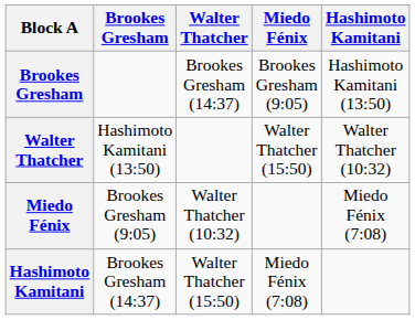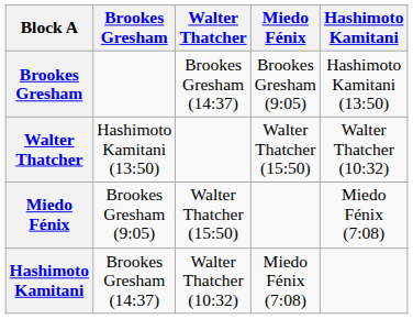 <table class="wikitable" style="text-align:center; margin: 1em auto 1em auto">
 <tr>
 <th>Block A</th>
 <th><a href='#'>Brookes</a><br><a href='#'>Gresham</a></th>
 <th><a href='#'>Walter</a><br><a href='#'>Thatcher</a></th>
 <th><a href='#'>Miedo</a><br><a href='#'>Fénix</a></th>
 <th><a href='#'>Hashimoto</a><br><a href='#'>Kamitani</a></th>
 </tr>
 <tr>
 <th><a href='#'>Brookes</a><br><a href='#'>Gresham</a></th>
 <td></td>
 <td>Brookes<br>Gresham<br>(14:37)</td>
 <td>Brookes<br>Gresham<br>(9:05)</td>
 <td>Hashimoto<br>Kamitani<br>(13:50)</td>
 </tr>
 <tr>
 <th><a href='#'>Walter</a><br><a href='#'>Thatcher</a></th>
 <td>Hashimoto<br>Kamitani<br>(13:50)</td>
 <td></td>
 <td>Walter<br>Thatcher<br>(15:50)</td>
 <td>Walter<br>Thatcher<br>(10:32)</td>
 </tr>
 <tr>
 <th><a href='#'>Miedo</a><br><a href='#'>Fénix</a></th>
 <td>Brookes<br>Gresham<br>(9:05)</td>
-<td>Walter<br>Thatcher<br>(10:32)</td>
+<td>Walter<br>Thatcher<br>(15:50)</td>
 <td></td>
 <td>Miedo<br>Fénix<br>(7:08)</td>
 </tr>
 <tr>
 <th><a href='#'>Hashimoto</a><br><a href='#'>Kamitani</a></th>
 <td>Brookes<br>Gresham<br>(14:37)</td>
-<td>Walter<br>Thatcher<br>(15:50)</td>
+<td>Walter<br>Thatcher<br>(10:32)</td>
 <td>Miedo<br>Fénix<br>(7:08)</td>
 <td></td>
 </tr>
 </table>
